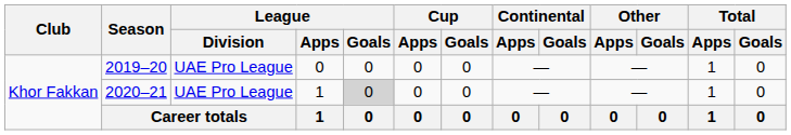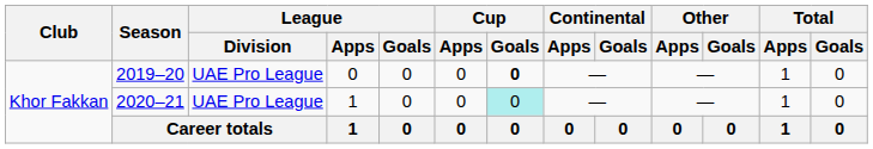 <table class="wikitable" style="text-align: center">
 <tr>
 <th rowspan="2">Club</th>
 <th rowspan="2">Season</th>
 <th colspan="3">League</th>
 <th colspan="2">Cup</th>
 <th colspan="2">Continental</th>
 <th colspan="2">Other</th>
 <th colspan="2">Total</th>
 </tr>
 <tr>
 <th>Division</th>
 <th>Apps</th>
 <th>Goals</th>
 <th>Apps</th>
 <th>Goals</th>
 <th>Apps</th>
 <th>Goals</th>
 <th>Apps</th>
 <th>Goals</th>
 <th>Apps</th>
 <th>Goals</th>
 </tr>
 <tr>
 <td rowspan=3><a href='#'>Khor Fakkan</a></td>
 <td><a href='#'>2019–20</a></td>
 <td><a href='#'>UAE Pro League</a></td>
 <td>0</td>
 <td>0</td>
 <td>0</td>
-<td>0</td>
+<td><strong>0</strong></td>
 <td colspan="2">—</td>
 <td colspan="2">—</td>
 <td>1</td>
 <td>0</td>
 </tr>
 <tr>
 <td><a href='#'>2020–21</a></td>
 <td><a href='#'>UAE Pro League</a></td>
 <td>1</td>
-<td style="background: lightgrey;">0</td>
 <td>0</td>
 <td>0</td>
+<td style="background: paleturquoise;">0</td>
 <td colspan="2">—</td>
 <td colspan="2">—</td>
 <td>1</td>
 <td>0</td>
 </tr>
 <tr>
 <th colspan=2>Career totals</th>
 <th>1</th>
 <th>0</th>
 <th>0</th>
 <th>0</th>
 <th>0</th>
 <th>0</th>
 <th>0</th>
 <th>0</th>
 <th>1</th>
 <th>0</th>
 </tr>
 </table>
